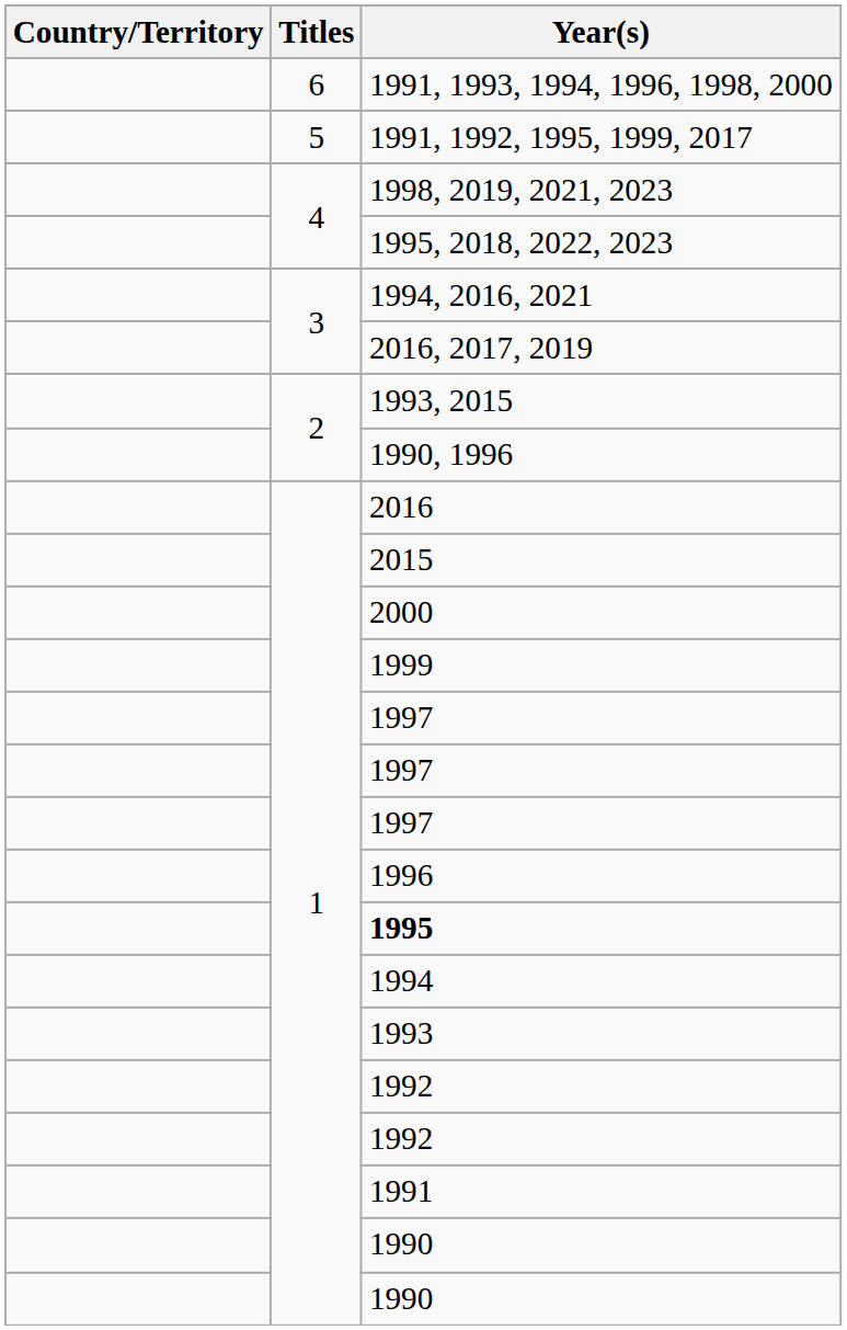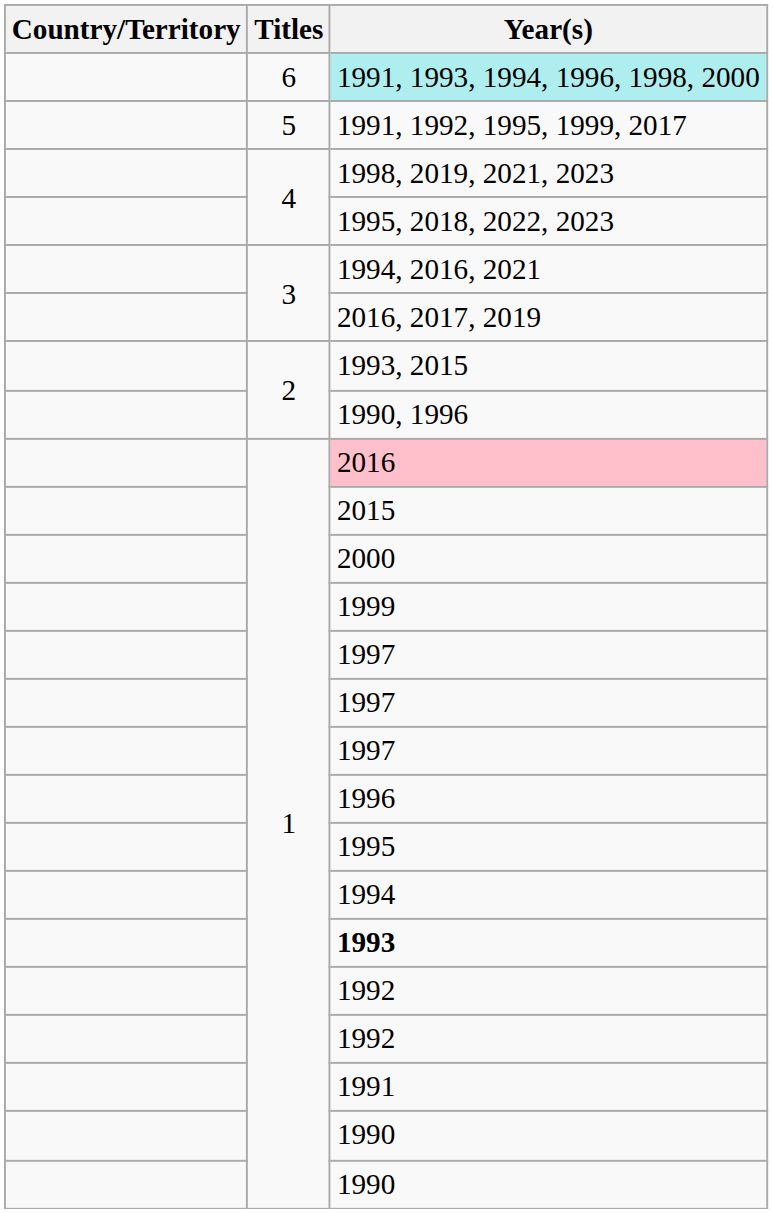 <table class="wikitable sortable" style="font-size: 95%;">
 <tr>
 <th>Country/Territory</th>
 <th>Titles</th>
 <th>Year(s)</th>
 </tr>
 <tr>
 <td><strong></strong></td>
 <td style="text-align:center;">6</td>
-<td>1991, 1993, 1994, 1996, 1998, 2000</td>
+<td style="background: paleturquoise;">1991, 1993, 1994, 1996, 1998, 2000</td>
 </tr>
 <tr>
 <td><strong></strong></td>
 <td style="text-align:center;">5</td>
 <td>1991, 1992, 1995, 1999, 2017</td>
 </tr>
 <tr>
 <td><strong></strong></td>
 <td rowspan="2" style="text-align:center;">4</td>
 <td>1998, 2019, 2021,  2023</td>
 </tr>
 <tr>
 <td><strong></strong></td>
 <td>1995, 2018, 2022, 2023</td>
 </tr>
 <tr>
 <td><strong></strong></td>
 <td rowspan="2" style="text-align:center;">3</td>
 <td>1994, 2016, 2021</td>
 </tr>
 <tr>
 <td><strong></strong></td>
 <td>2016, 2017, 2019</td>
 </tr>
 <tr>
 <td><strong></strong></td>
 <td rowspan="2" style="text-align:center;">2</td>
 <td>1993, 2015</td>
 </tr>
 <tr>
 <td><strong></strong></td>
 <td>1990, 1996</td>
 </tr>
 <tr>
 <td><strong></strong></td>
 <td rowspan="17" style="text-align:center;">1</td>
-<td>2016</td>
+<td style="background: pink;">2016</td>
 </tr>
 <tr>
 <td><strong></strong></td>
 <td>2015</td>
 </tr>
 <tr>
 <td><strong></strong></td>
 <td>2000</td>
 </tr>
 <tr>
 <td><strong></strong></td>
 <td>1999</td>
 </tr>
 <tr>
 <td><strong></strong></td>
 <td>1997</td>
 </tr>
 <tr>
 <td><strong></strong></td>
 <td>1997</td>
 </tr>
 <tr>
 <td><strong></strong></td>
 <td>1997</td>
 </tr>
 <tr>
 <td><strong></strong></td>
 <td>1996</td>
 </tr>
 <tr>
 <td><strong></strong></td>
-<td><strong>1995</strong></td>
+<td>1995</td>
 </tr>
 <tr>
 <td><strong></strong></td>
 <td>1994</td>
 </tr>
 <tr>
 <td><strong></strong></td>
-<td>1993</td>
+<td><strong>1993</strong></td>
 </tr>
 <tr>
 <td><strong></strong></td>
 <td>1992</td>
 </tr>
 <tr>
 <td><strong></strong></td>
 <td>1992</td>
 </tr>
 <tr>
 <td><strong></strong></td>
 <td>1991</td>
 </tr>
 <tr>
 <td><strong></strong></td>
 <td>1990</td>
 </tr>
 <tr>
 <td><strong></strong></td>
 <td>1990</td>
 </tr>
 </table>
